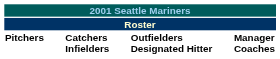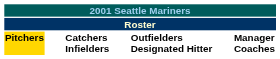 <table class="toccolours" style="font-size: 95%;">
 <tr>
 <th colspan="10" style="background:#005c5c; color:#9eceee; text-align:center;">2001 Seattle Mariners</th>
 </tr>
 <tr>
 <td colspan="10" style="background:#036; color:#fffdd0; text-align:center;"><strong>Roster</strong></td>
 </tr>
 <tr>
-<td valign="top"><strong>Pitchers</strong><br>              </td>
+<td valign="top" style="background: gold;"><strong>Pitchers</strong><br>              </td>
 <td style="width:25px;"></td>
 <td valign="top"><strong>Catchers</strong><br>   <strong>Infielders</strong>      </td>
 <td style="width:25px;"></td>
 <td valign="top"><strong>Outfielders</strong><br>          <strong>Designated Hitter</strong> </td>
 <td style="width:25px;"></td>
 <td valign="top"><strong>Manager</strong><br> <strong>Coaches</strong>            </td>
 </tr>
 </table>
